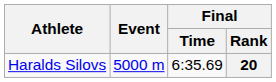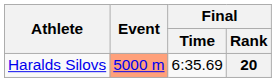 <table class=wikitable>
 <tr>
 <th rowspan="2">Athlete</th>
 <th rowspan="2">Event</th>
 <th colspan="2">Final</th>
 </tr>
 <tr>
 <th>Time</th>
 <th>Rank</th>
 </tr>
 <tr>
 <td><a href='#'>Haralds Silovs</a></td>
-<td><a href='#'>5000 m</a></td>
+<td style="background: lightsalmon;"><a href='#'>5000 m</a></td>
 <td align="center">6:35.69</td>
 <th>20</th>
 </tr>
 </table>
